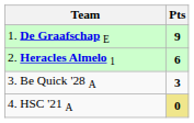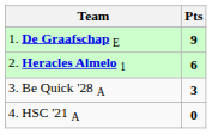 <table class="wikitable" style="text-align:center; float:left; margin-right:1em">
 <tr>
 <th style="width:200px">Team</th>
 <th width=20>Pts</th>
 </tr>
 <tr bgcolor=ccffcc>
 <td align=left>1. <strong><a href='#'>De Graafschap</a></strong> <sub>E</sub></td>
 <td><strong>9</strong></td>
 </tr>
 <tr bgcolor=ccffcc>
 <td align=left>2. <strong><a href='#'>Heracles Almelo</a></strong> <sub>1</sub></td>
 <td><strong>6</strong></td>
 </tr>
 <tr>
 <td align=left>3. Be Quick '28 <sub>A</sub></td>
 <td><strong>3</strong></td>
 </tr>
 <tr>
 <td align=left>4. HSC '21 <sub>A</sub></td>
-<td style="background: khaki;"><strong>0</strong></td>
+<td><strong>0</strong></td>
 </tr>
 </table>
